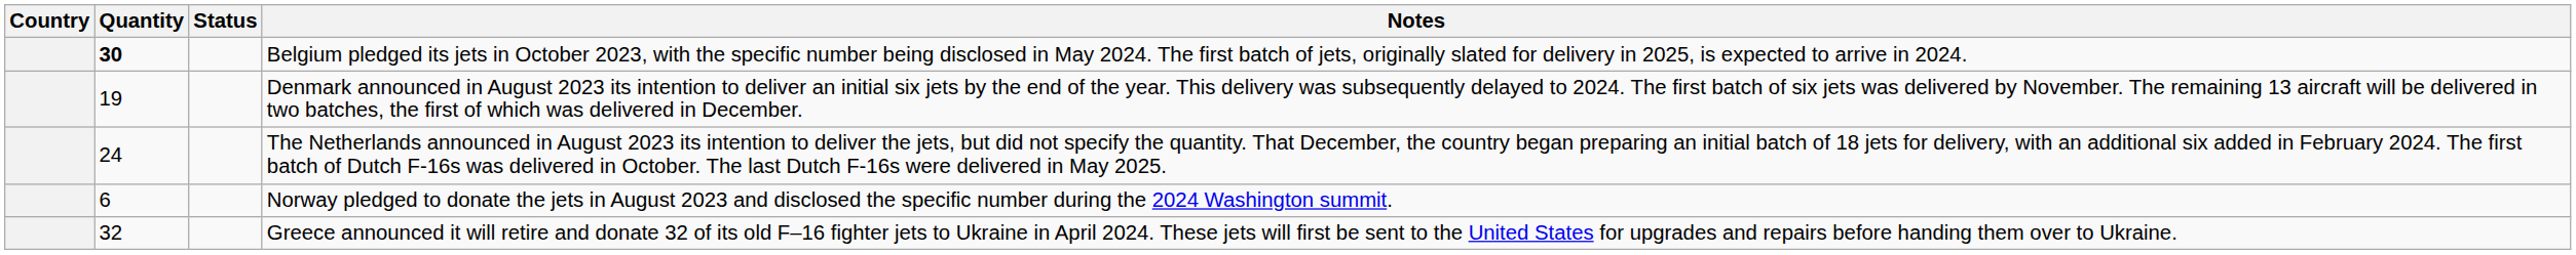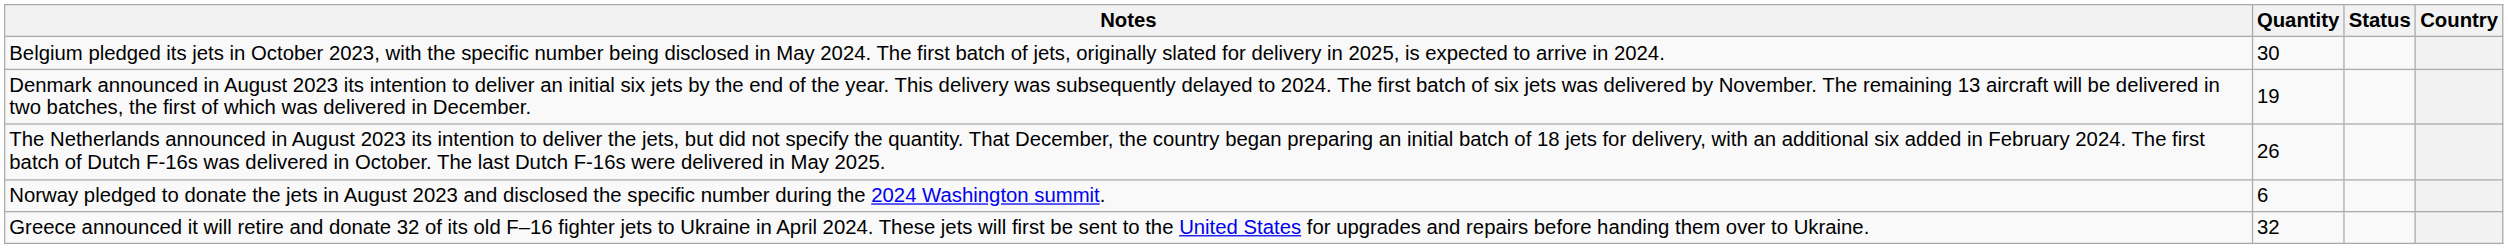 <table class="wikitable sortable plainrowheaders">
 <tr>
-<th scope="col">Country</th>
+<th scope="col" class="unsortable">Notes</th>
 <th scope="col">Quantity</th>
 <th scope="col">Status</th>
-<th scope="col" class="unsortable">Notes</th>
+<th scope="col">Country</th>
 </tr>
 <tr>
+<td>Belgium pledged its jets in October 2023, with the specific number being disclosed in May 2024. The first batch of jets, originally slated for delivery in 2025, is expected to arrive in 2024.</td>
+<td>30</td>
+<td></td>
 <th scope="row"></th>
-<td><strong>30</strong></td>
-<td></td>
-<td>Belgium pledged its jets in October 2023, with the specific number being disclosed in May 2024. The first batch of jets, originally slated for delivery in 2025, is expected to arrive in 2024.</td>
 </tr>
 <tr>
-<th scope="row"></th>
+<td>Denmark announced in August 2023 its intention to deliver an initial six jets by the end of the year. This delivery was subsequently delayed to 2024. The first batch of six jets was delivered by November. The remaining 13 aircraft will be delivered in two batches, the first of which was delivered in December.</td>
 <td>19</td>
 <td></td>
-<td>Denmark announced in August 2023 its intention to deliver an initial six jets by the end of the year. This delivery was subsequently delayed to 2024. The first batch of six jets was delivered by November. The remaining 13 aircraft will be delivered in two batches, the first of which was delivered in December.</td>
+<th scope="row"></th>
 </tr>
 <tr>
+<td>The Netherlands announced in August 2023 its intention to deliver the jets, but did not specify the quantity. That December, the country began preparing an initial batch of 18 jets for delivery, with an additional six added in February 2024. The first batch of Dutch F-16s was delivered in October. The last Dutch F-16s were delivered in May 2025.</td>
+<td>26</td>
+<td></td>
 <th scope="row"></th>
-<td>24</td>
-<td></td>
-<td>The Netherlands announced in August 2023 its intention to deliver the jets, but did not specify the quantity. That December, the country began preparing an initial batch of 18 jets for delivery, with an additional six added in February 2024. The first batch of Dutch F-16s was delivered in October. The last Dutch F-16s were delivered in May 2025.</td>
 </tr>
 <tr>
-<th scope="row"></th>
+<td>Norway pledged to donate the jets in August 2023 and disclosed the specific number during the <a href='#'>2024 Washington summit</a>.</td>
 <td>6</td>
 <td></td>
-<td>Norway pledged to donate the jets in August 2023 and disclosed the specific number during the <a href='#'>2024 Washington summit</a>.</td>
+<th scope="row"></th>
 </tr>
 <tr>
-<th scope="row"></th>
+<td>Greece announced it will retire and donate 32 of its old F–16 fighter jets to Ukraine in April 2024. These jets will first be sent to the <a href='#'>United States</a> for upgrades and repairs before handing them over to Ukraine.</td>
 <td>32</td>
 <td></td>
-<td>Greece announced it will retire and donate 32 of its old F–16 fighter jets to Ukraine in April 2024. These jets will first be sent to the <a href='#'>United States</a> for upgrades and repairs before handing them over to Ukraine.</td>
+<th scope="row"></th>
 </tr>
 </table>
